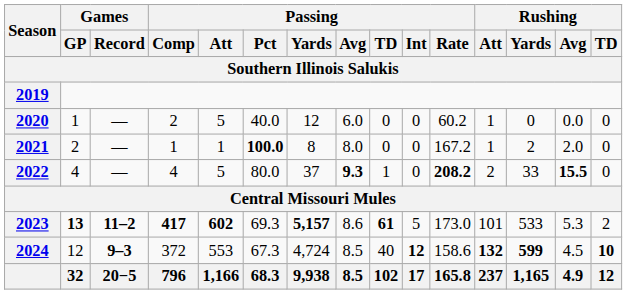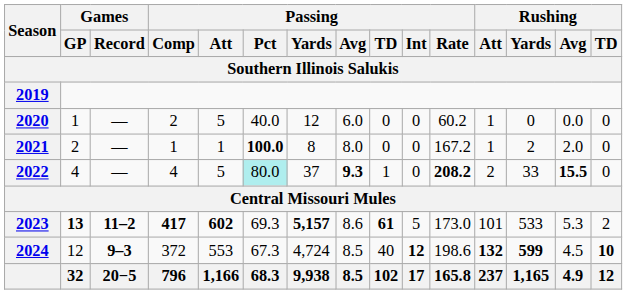 <table class="wikitable" style="text-align:center;">
 <tr>
 <th rowspan="2">Season</th>
 <th colspan="2">Games</th>
 <th colspan="8">Passing</th>
 <th colspan="4">Rushing</th>
 </tr>
 <tr>
 <th>GP</th>
 <th>Record</th>
 <th>Comp</th>
 <th>Att</th>
 <th>Pct</th>
 <th>Yards</th>
 <th>Avg</th>
 <th>TD</th>
 <th>Int</th>
 <th>Rate</th>
 <th>Att</th>
 <th>Yards</th>
 <th>Avg</th>
 <th>TD</th>
 </tr>
 <tr>
 <th colspan="16">Southern Illinois Salukis</th>
 </tr>
 <tr>
 <th><a href='#'>2019</a></th>
 <td colspan="14"></td>
 </tr>
 <tr>
 <th><a href='#'>2020</a></th>
 <td>1</td>
 <td>—</td>
 <td>2</td>
 <td>5</td>
 <td>40.0</td>
 <td>12</td>
 <td>6.0</td>
 <td>0</td>
 <td>0</td>
 <td>60.2</td>
 <td>1</td>
 <td>0</td>
 <td>0.0</td>
 <td>0</td>
 </tr>
 <tr>
 <th><a href='#'>2021</a></th>
 <td>2</td>
 <td>—</td>
 <td>1</td>
 <td>1</td>
 <td><strong>100.0</strong></td>
 <td>8</td>
 <td>8.0</td>
 <td>0</td>
 <td>0</td>
 <td>167.2</td>
 <td>1</td>
 <td>2</td>
 <td>2.0</td>
 <td>0</td>
 </tr>
 <tr>
 <th><a href='#'>2022</a></th>
 <td>4</td>
 <td>—</td>
 <td>4</td>
 <td>5</td>
-<td>80.0</td>
+<td style="background: paleturquoise;">80.0</td>
 <td>37</td>
 <td><strong>9.3</strong></td>
 <td>1</td>
 <td>0</td>
 <td><strong>208.2</strong></td>
 <td>2</td>
 <td>33</td>
 <td><strong>15.5</strong></td>
 <td>0</td>
 </tr>
 <tr>
 <th colspan="16">Central Missouri Mules</th>
 </tr>
 <tr>
 <th><a href='#'>2023</a></th>
 <td><strong>13</strong></td>
 <td><strong>11–2</strong></td>
 <td><strong>417</strong></td>
 <td><strong>602</strong></td>
 <td>69.3</td>
 <td><strong>5,157</strong></td>
 <td>8.6</td>
 <td><strong>61</strong></td>
 <td>5</td>
 <td>173.0</td>
 <td>101</td>
 <td>533</td>
 <td>5.3</td>
 <td>2</td>
 </tr>
 <tr>
 <th><a href='#'>2024</a></th>
 <td>12</td>
 <td><strong>9–3</strong></td>
 <td>372</td>
 <td>553</td>
 <td>67.3</td>
 <td>4,724</td>
 <td>8.5</td>
 <td>40</td>
 <td><strong>12</strong></td>
-<td>158.6</td>
+<td>198.6</td>
 <td><strong>132</strong></td>
 <td><strong>599</strong></td>
 <td>4.5</td>
 <td><strong>10</strong></td>
 </tr>
 <tr>
 <th></th>
 <th>32</th>
 <th>20−5</th>
 <th>796</th>
 <th>1,166</th>
 <th>68.3</th>
 <th>9,938</th>
 <th>8.5</th>
 <th>102</th>
 <th>17</th>
 <th>165.8</th>
 <th>237</th>
 <th>1,165</th>
 <th>4.9</th>
 <th>12</th>
 </tr>
 </table>
